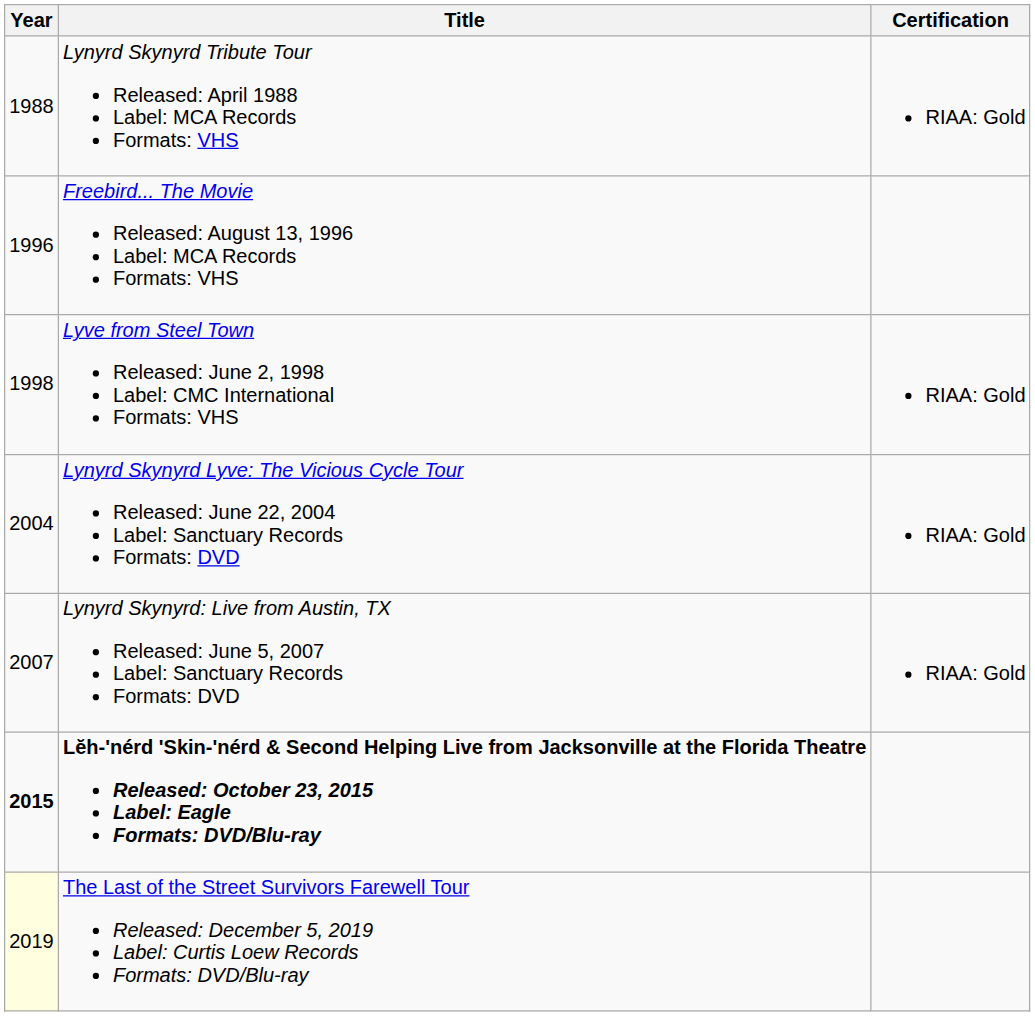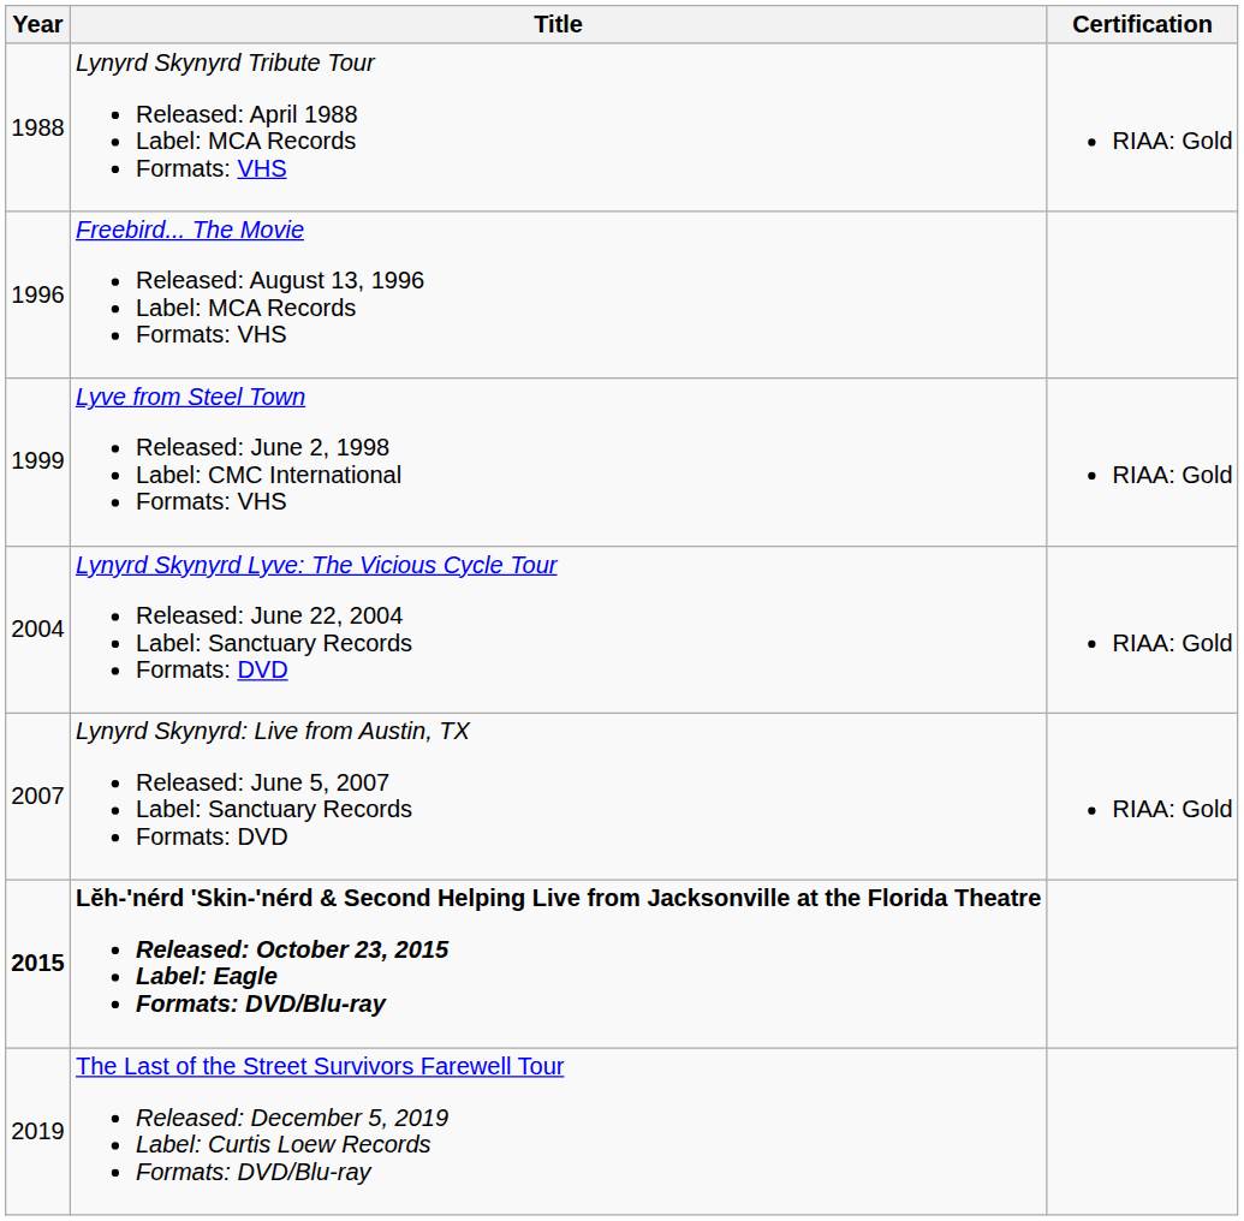 <table class="wikitable">
 <tr>
 <th>Year</th>
 <th>Title</th>
 <th>Certification</th>
 </tr>
 <tr>
 <td>1988</td>
 <td><em>Lynyrd Skynyrd Tribute Tour</em><br><ul><li>Released: April 1988</li><li>Label: MCA Records</li><li>Formats: <a href='#'>VHS</a></li></ul></td>
 <td><br><ul><li>RIAA: Gold</li></ul></td>
 </tr>
 <tr>
 <td>1996</td>
 <td><em><a href='#'>Freebird... The Movie</a></em><br><ul><li>Released: August 13, 1996</li><li>Label: MCA Records</li><li>Formats: VHS</li></ul></td>
 <td></td>
 </tr>
 <tr>
-<td>1998</td>
+<td>1999</td>
 <td><em><a href='#'>Lyve from Steel Town</a></em><br><ul><li>Released: June 2, 1998</li><li>Label: CMC International</li><li>Formats: VHS</li></ul></td>
 <td><br><ul><li>RIAA: Gold</li></ul></td>
 </tr>
 <tr>
 <td>2004</td>
 <td><em><a href='#'>Lynyrd Skynyrd Lyve: The Vicious Cycle Tour</a></em><br><ul><li>Released: June 22, 2004</li><li>Label: Sanctuary Records</li><li>Formats: <a href='#'>DVD</a></li></ul></td>
 <td><br><ul><li>RIAA: Gold</li></ul></td>
 </tr>
 <tr>
 <td>2007</td>
 <td><em>Lynyrd Skynyrd: Live from Austin, TX</em><br><ul><li>Released: June 5, 2007</li><li>Label: Sanctuary Records</li><li>Formats: DVD</li></ul></td>
 <td><br><ul><li>RIAA: Gold</li></ul></td>
 </tr>
 <tr>
 <td><strong>2015</strong></td>
 <td><strong>Lĕh-'nérd 'Skin-'nérd & Second Helping Live from Jacksonville at the Florida Theatre<em><br><ul><li>Released: October 23, 2015</li><li>Label: Eagle</li><li>Formats: DVD/Blu-ray</li></ul></td>
 <td></td>
 </tr>
 <tr>
-<td style="background: lightyellow;">2019</td>
+<td>2019</td>
 <td></em><a href='#'>The Last of the Street Survivors Farewell Tour</a><em><br><ul><li>Released: December 5, 2019</li><li>Label: Curtis Loew Records</li><li>Formats: DVD/Blu-ray</li></ul></td>
 <td></td>
 </tr>
 </table>
